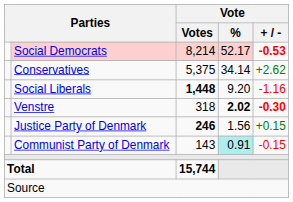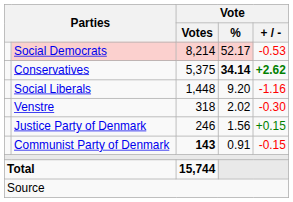 <table class="wikitable" style="text-align:right;">
 <tr>
 <th style="text-align:centre;" rowspan="2" colspan="2" width="225">Parties</th>
 <th colspan="3">Vote</th>
 </tr>
 <tr>
 <th width="15">Votes</th>
 <th width="15">%</th>
 <th width="15">+ / -</th>
 </tr>
 <tr>
 <td width="2" style="color:inherit;background:"></td>
 <td bgcolor=#fbd0ce  align="left"><a href='#'>Social Democrats</a></td>
 <td bgcolor=#fbd0ce>8,214</td>
 <td bgcolor=#fbd0ce>52.17</td>
-<td style=color:red;><strong>-0.53</strong></td>
+<td style=color:red;>-0.53</td>
 </tr>
 <tr>
 <td width="2" style="color:inherit;background:"></td>
 <td align="left"><a href='#'>Conservatives</a></td>
 <td>5,375</td>
-<td>34.14</td>
-<td style=color:green;>+2.62</td>
+<td><strong>34.14</strong></td>
+<td style=color:green;><strong>+2.62</strong></td>
 </tr>
 <tr>
 <td width="2" style="color:inherit;background:"></td>
 <td align="left"><a href='#'>Social Liberals</a></td>
-<td><strong>1,448</strong></td>
+<td>1,448</td>
 <td>9.20</td>
 <td style=color:red;>-1.16</td>
 </tr>
 <tr>
 <td width="2" style="color:inherit;background:"></td>
 <td align="left"><a href='#'>Venstre</a></td>
 <td>318</td>
-<td><strong>2.02</strong></td>
-<td style=color:red;><strong>-0.30</strong></td>
+<td>2.02</td>
+<td style=color:red;>-0.30</td>
 </tr>
 <tr>
 <td width="2" style="color:inherit;background:"></td>
 <td align="left"><a href='#'>Justice Party of Denmark</a></td>
-<td><strong>246</strong></td>
+<td>246</td>
 <td>1.56</td>
 <td style=color:green;>+0.15</td>
 </tr>
 <tr>
 <td width="2" style="color:inherit;background:"></td>
 <td align="left"><a href='#'>Communist Party of Denmark</a></td>
-<td>143</td>
-<td style="background: paleturquoise;">0.91</td>
+<td><strong>143</strong></td>
+<td>0.91</td>
 <td style=color:red;>-0.15</td>
 </tr>
 <tr>
 <td colspan="7" bgcolor="#E9E9E9"></td>
 </tr>
 <tr>
 <td align="left" colspan="2"><strong>Total</strong></td>
 <td><strong>15,744</strong></td>
 <td bgcolor="#E9E9E9" colspan="2"></td>
 </tr>
 <tr>
 <td align="left" colspan="6">Source</td>
 </tr>
 </table>
